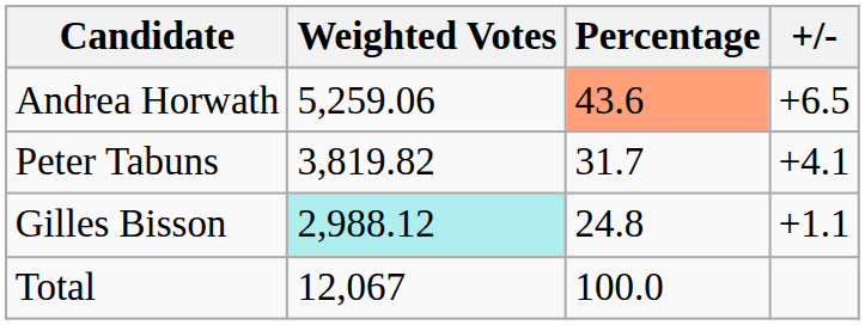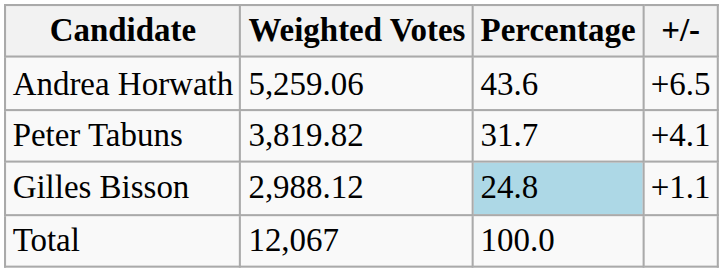 <table class="wikitable">
 <tr>
 <th>Candidate</th>
 <th>Weighted Votes</th>
 <th>Percentage</th>
 <th>+/-</th>
 </tr>
 <tr>
 <td>Andrea Horwath</td>
 <td>5,259.06</td>
-<td style="background: lightsalmon;">43.6</td>
+<td>43.6</td>
 <td>+6.5</td>
 </tr>
 <tr>
 <td>Peter Tabuns</td>
 <td>3,819.82</td>
 <td>31.7</td>
 <td>+4.1</td>
 </tr>
 <tr>
 <td>Gilles Bisson</td>
-<td style="background: paleturquoise;">2,988.12</td>
-<td>24.8</td>
+<td>2,988.12</td>
+<td style="background: lightblue;">24.8</td>
 <td>+1.1</td>
 </tr>
 <tr>
 <td>Total</td>
 <td>12,067</td>
 <td>100.0</td>
 </tr>
 </table>
